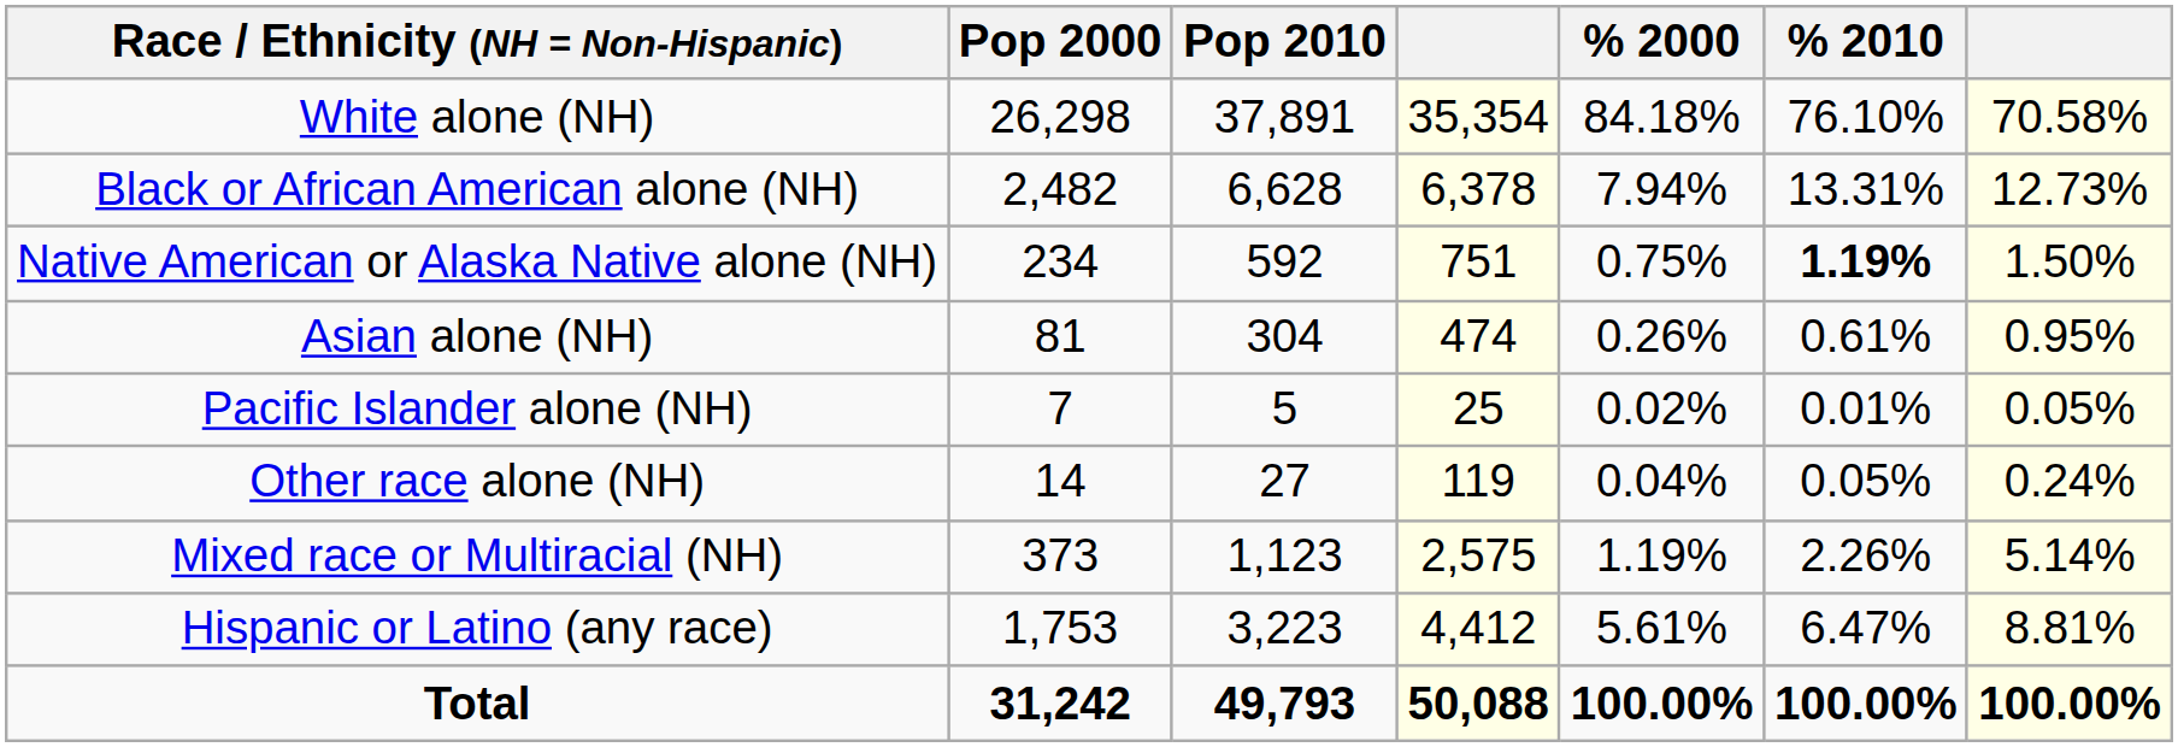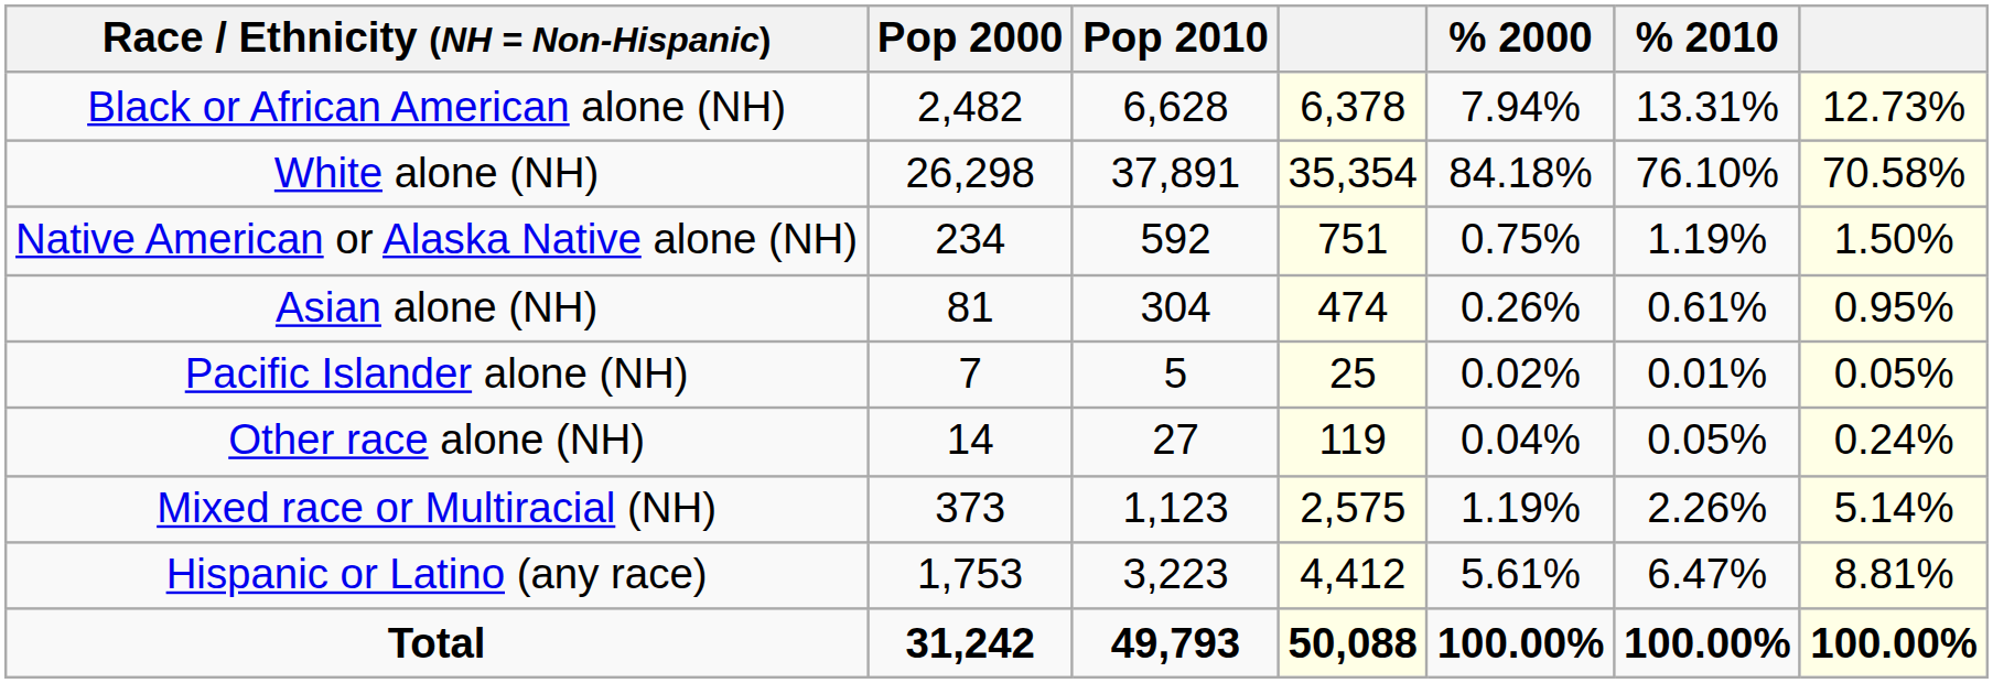 <table class="wikitable" style="text-align:center;">
 <tr>
 <th>Race / Ethnicity <small>(<em>NH = Non-Hispanic</em>)</small></th>
 <th>Pop 2000</th>
 <th>Pop 2010</th>
 <th></th>
 <th>% 2000</th>
 <th>% 2010</th>
 <th></th>
 </tr>
 <tr>
+<td><a href='#'>Black or African American</a> alone (NH)</td>
+<td>2,482</td>
+<td>6,628</td>
+<td style='background: #ffffe6;'>6,378</td>
+<td>7.94%</td>
+<td>13.31%</td>
+<td style='background: #ffffe6;'>12.73%</td>
+</tr>
+<tr>
 <td><a href='#'>White</a> alone (NH)</td>
 <td>26,298</td>
 <td>37,891</td>
 <td style='background: #ffffe6;'>35,354</td>
 <td>84.18%</td>
 <td>76.10%</td>
 <td style='background: #ffffe6;'>70.58%</td>
 </tr>
 <tr>
-<td><a href='#'>Black or African American</a> alone (NH)</td>
-<td>2,482</td>
-<td>6,628</td>
-<td style='background: #ffffe6;'>6,378</td>
-<td>7.94%</td>
-<td>13.31%</td>
-<td style='background: #ffffe6;'>12.73%</td>
-</tr>
-<tr>
 <td><a href='#'>Native American</a> or <a href='#'>Alaska Native</a> alone (NH)</td>
 <td>234</td>
 <td>592</td>
 <td style='background: #ffffe6;'>751</td>
 <td>0.75%</td>
-<td><strong>1.19%</strong></td>
+<td>1.19%</td>
 <td style='background: #ffffe6;'>1.50%</td>
 </tr>
 <tr>
 <td><a href='#'>Asian</a> alone (NH)</td>
 <td>81</td>
 <td>304</td>
 <td style='background: #ffffe6;'>474</td>
 <td>0.26%</td>
 <td>0.61%</td>
 <td style='background: #ffffe6;'>0.95%</td>
 </tr>
 <tr>
 <td><a href='#'>Pacific Islander</a> alone (NH)</td>
 <td>7</td>
 <td>5</td>
 <td style='background: #ffffe6;'>25</td>
 <td>0.02%</td>
 <td>0.01%</td>
 <td style='background: #ffffe6;'>0.05%</td>
 </tr>
 <tr>
 <td><a href='#'>Other race</a> alone (NH)</td>
 <td>14</td>
 <td>27</td>
 <td style='background: #ffffe6;'>119</td>
 <td>0.04%</td>
 <td>0.05%</td>
 <td style='background: #ffffe6;'>0.24%</td>
 </tr>
 <tr>
 <td><a href='#'>Mixed race or Multiracial</a> (NH)</td>
 <td>373</td>
 <td>1,123</td>
 <td style='background: #ffffe6;'>2,575</td>
 <td>1.19%</td>
 <td>2.26%</td>
 <td style='background: #ffffe6;'>5.14%</td>
 </tr>
 <tr>
 <td><a href='#'>Hispanic or Latino</a> (any race)</td>
 <td>1,753</td>
 <td>3,223</td>
 <td style='background: #ffffe6;'>4,412</td>
 <td>5.61%</td>
 <td>6.47%</td>
 <td style='background: #ffffe6;'>8.81%</td>
 </tr>
 <tr>
 <td><strong>Total</strong></td>
 <td><strong>31,242</strong></td>
 <td><strong>49,793</strong></td>
 <td style='background: #ffffe6;'><strong>50,088</strong></td>
 <td><strong>100.00%</strong></td>
 <td><strong>100.00%</strong></td>
 <td style='background: #ffffe6;'><strong>100.00%</strong></td>
 </tr>
 </table>
